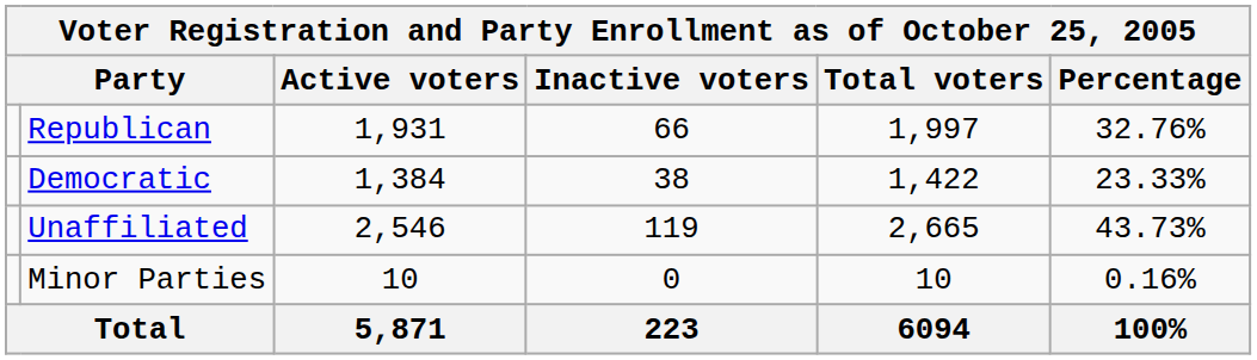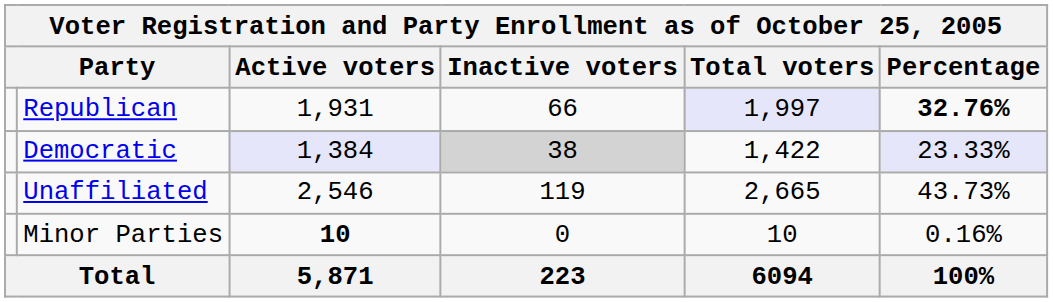 <table class="wikitable">
 <tr>
 <th colspan="6">Voter Registration and Party Enrollment as of October 25, 2005</th>
 </tr>
 <tr>
 <th colspan="2">Party</th>
 <th>Active voters</th>
 <th>Inactive voters</th>
 <th>Total voters</th>
 <th>Percentage</th>
 </tr>
 <tr>
 <td></td>
 <td><a href='#'>Republican</a></td>
 <td align="center">1,931</td>
 <td align="center">66</td>
-<td align="center">1,997</td>
-<td align="center">32.76%</td>
+<td align="center" style="background: lavender;">1,997</td>
+<td align="center"><strong>32.76%</strong></td>
 </tr>
 <tr>
 <td></td>
 <td><a href='#'>Democratic</a></td>
-<td align="center">1,384</td>
-<td align="center">38</td>
+<td align="center" style="background: lavender;">1,384</td>
+<td align="center" style="background: lightgrey;">38</td>
 <td align="center">1,422</td>
-<td align="center">23.33%</td>
+<td align="center" style="background: lavender;">23.33%</td>
 </tr>
 <tr>
 <td></td>
 <td><a href='#'>Unaffiliated</a></td>
 <td align="center">2,546</td>
 <td align="center">119</td>
 <td align="center">2,665</td>
 <td align="center">43.73%</td>
 </tr>
 <tr>
 <td></td>
 <td>Minor Parties</td>
-<td align="center">10</td>
+<td align="center"><strong>10</strong></td>
 <td align="center">0</td>
 <td align="center">10</td>
 <td align="center">0.16%</td>
 </tr>
 <tr>
 <th colspan="2">Total</th>
 <th align="center">5,871</th>
 <th align="center">223</th>
 <th align="center">6094</th>
 <th align="center">100%</th>
 </tr>
 </table>
